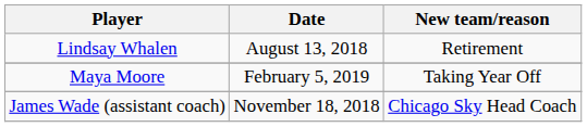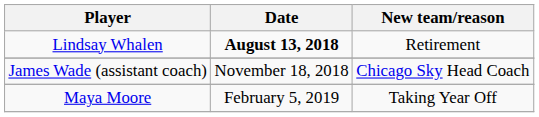 <table class="wikitable sortable sortable">
 <tr>
 <th>Player</th>
 <th>Date</th>
 <th>New team/reason</th>
 </tr>
 <tr style="text-align: center">
 <td><a href='#'>Lindsay Whalen</a></td>
-<td>August 13, 2018</td>
+<td><strong>August 13, 2018</strong></td>
 <td>Retirement</td>
+</tr>
+<tr>
+</tr>
+<tr style="text-align: center">
+<td><a href='#'>James Wade</a> (assistant coach)</td>
+<td>November 18, 2018</td>
+<td><a href='#'>Chicago Sky</a> Head Coach</td>
 </tr>
 <tr>
 </tr>
 <tr style="text-align: center">
 <td><a href='#'>Maya Moore</a></td>
 <td>February 5, 2019</td>
 <td>Taking Year Off</td>
 </tr>
 <tr>
 </tr>
-<tr style="text-align: center">
-<td><a href='#'>James Wade</a> (assistant coach)</td>
-<td>November 18, 2018</td>
-<td><a href='#'>Chicago Sky</a> Head Coach</td>
-</tr>
-<tr>
-</tr>
 </table>
